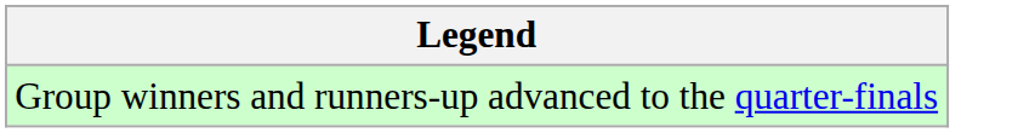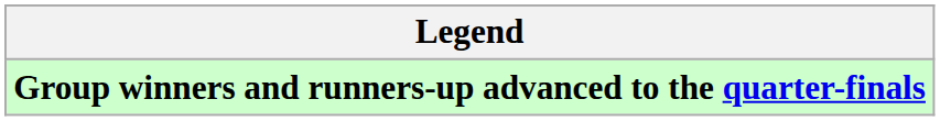 <table class="wikitable">
 <tr>
 <th>Legend</th>
 </tr>
 <tr bgcolor=#ccffcc>
-<td>Group winners and runners-up advanced to the <a href='#'>quarter-finals</a></td>
+<td><strong>Group winners and runners-up advanced to the <a href='#'>quarter-finals</a></strong></td>
 </tr>
 </table>
